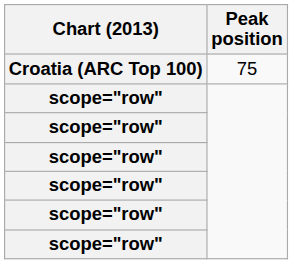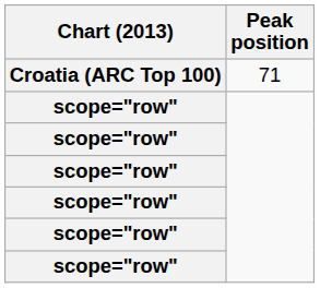 <table class="wikitable plainrowheaders sortable" style="text-align:center;">
 <tr>
 <th scope="col">Chart (2013)</th>
 <th scope="col">Peak<br>position</th>
 </tr>
 <tr>
 <th scope="row">Croatia (ARC Top 100)</th>
-<td>75</td>
+<td>71</td>
 </tr>
 <tr>
 <th>scope="row" </th>
 </tr>
 <tr>
 <th>scope="row" </th>
 </tr>
 <tr>
 <th>scope="row" </th>
 </tr>
 <tr>
 <th>scope="row" </th>
 </tr>
 <tr>
 <th>scope="row" </th>
 </tr>
 <tr>
 <th>scope="row" </th>
 </tr>
 </table>
